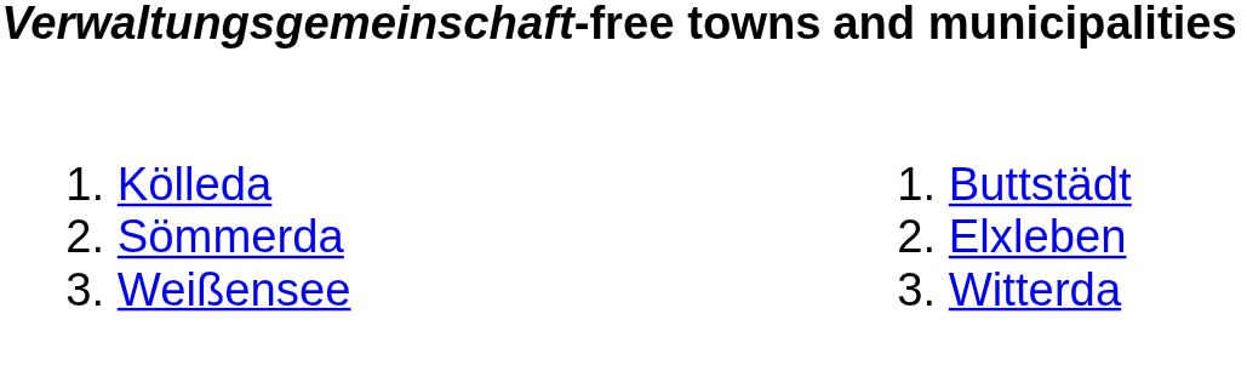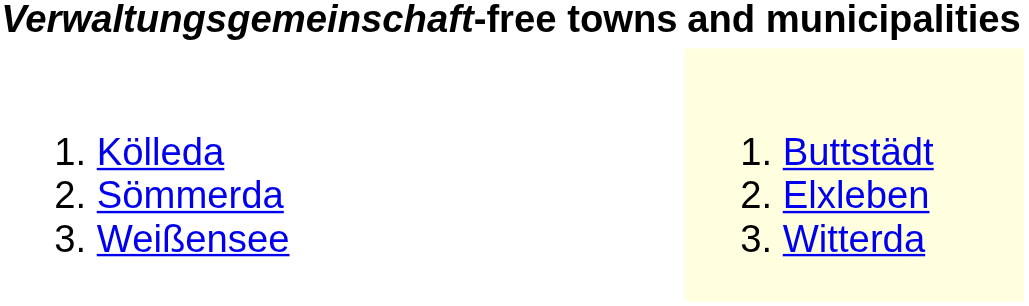 <table>
 <tr ---->
 <th><em>Verwaltungsgemeinschaft</em>-free towns</th>
 <th>and municipalities</th>
 </tr>
 <tr>
 <td valign=top><br><ol><li><a href='#'>Kölleda</a></li><li><a href='#'>Sömmerda</a></li><li><a href='#'>Weißensee</a></li></ol></td>
-<td valign=top><br><ol><li><a href='#'>Buttstädt</a></li><li><a href='#'>Elxleben</a></li><li><a href='#'>Witterda</a></li></ol></td>
+<td valign=top style="background: lightyellow;"><br><ol><li><a href='#'>Buttstädt</a></li><li><a href='#'>Elxleben</a></li><li><a href='#'>Witterda</a></li></ol></td>
 </tr>
 </table>
